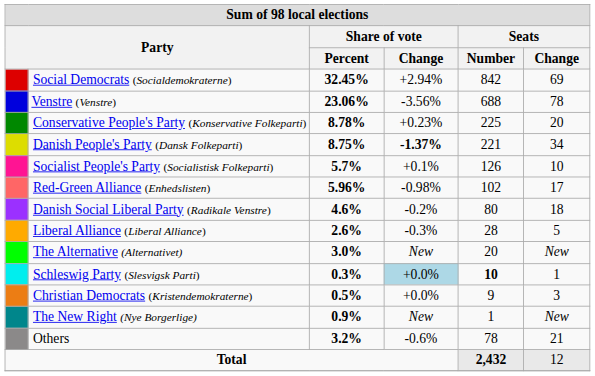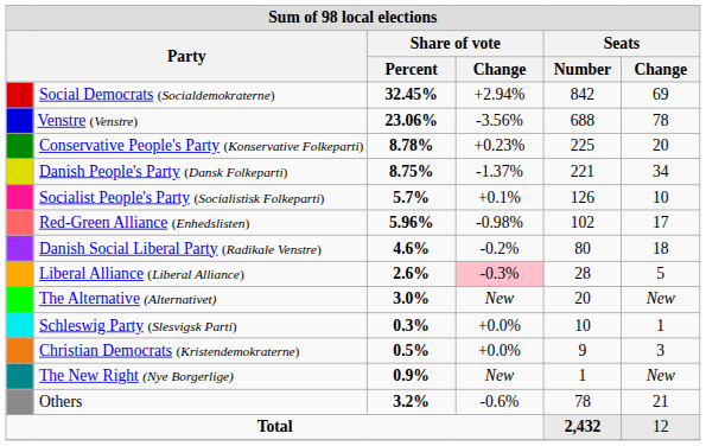 <table class="wikitable" style="margin-left:1em;">
 <tr>
 <th colspan="6" style="background:#dddddd; text-align:center;"><strong>Sum of 98 local elections</strong></th>
 </tr>
 <tr>
 <th rowspan="2" colspan="2">Party</th>
 <th colspan="2">Share of vote</th>
 <th colspan="2">Seats</th>
 </tr>
 <tr>
 <th style="width:80px;">Percent</th>
 <th style="width:80px;">Change</th>
 <th style="width:70px;">Number</th>
 <th style="width:70px;">Change</th>
 </tr>
 <tr>
 <td style="background:#dd0000; text-align:center;"></td>
 <td style="padding-left:5px;"><a href='#'>Social Democrats</a> <small>(<em>Socialdemokraterne</em>)</small></td>
 <td style="text-align:center;"><strong>32.45%</strong></td>
 <td style="text-align:center;">+2.94%</td>
 <td style="text-align:center;">842</td>
 <td style="text-align:center;"> 69</td>
 </tr>
 <tr>
 <td style="width:20px; background:#0000dd; text-align:center;"></td>
 <td style="width:200px padding-left:5px;"><a href='#'>Venstre</a> <small>(<em>Venstre</em>)</small></td>
 <td style="text-align:center;"><strong>23.06%</strong></td>
 <td style="text-align:center;">-3.56%</td>
 <td style="text-align:center;">688</td>
 <td style="text-align:center;"> 78</td>
 </tr>
 <tr>
 <td style="background:#008800; text-align:center;"></td>
 <td style="padding-left:5px;"><a href='#'>Conservative People's Party</a> <small>(<em>Konservative Folkeparti</em>)</small></td>
 <td style="text-align:center;"><strong>8.78%</strong></td>
 <td style="text-align:center;">+0.23%</td>
 <td style="text-align:center;">225</td>
 <td style="text-align:center;"> 20</td>
 </tr>
 <tr>
 <td style="background:#dddd00; text-align:center;"></td>
 <td style="padding-left:5px;"><a href='#'>Danish People's Party</a> <small>(<em>Dansk Folkeparti</em>)</small></td>
 <td style="text-align:center;"><strong>8.75%</strong></td>
-<td style="text-align:center;"><strong>-1.37%</strong></td>
+<td style="text-align:center;">-1.37%</td>
 <td style="text-align:center;">221</td>
 <td style="text-align:center;"> 34</td>
 </tr>
 <tr>
 <td style="background:#FF1493; text-align:center;"></td>
 <td style="padding-left:5px;"><a href='#'>Socialist People's Party</a> <small>(<em>Socialistisk Folkeparti</em>)</small></td>
 <td style="text-align:center;"><strong>5.7%</strong></td>
 <td style="text-align:center;">+0.1%</td>
 <td style="text-align:center;">126</td>
 <td style="text-align:center;"> 10</td>
 </tr>
 <tr>
 <td style="background:#FF6666; text-align:center;"></td>
 <td style="padding-left:5px;"><a href='#'>Red-Green Alliance</a> <small>(<em>Enhedslisten</em>)</small></td>
 <td style="text-align:center;"><strong>5.96%</strong></td>
 <td style="text-align:center;">-0.98%</td>
 <td style="text-align:center;">102</td>
 <td style="text-align:center;"> 17</td>
 </tr>
 <tr>
 <td style="background:#9B30FF; text-align:center;"></td>
 <td style="padding-left:5px;"><a href='#'>Danish Social Liberal Party</a> <small>(<em>Radikale Venstre</em>)</small></td>
 <td style="text-align:center;"><strong>4.6%</strong></td>
 <td style="text-align:center;">-0.2%</td>
 <td style="text-align:center;">80</td>
 <td style="text-align:center;"> 18</td>
 </tr>
 <tr>
 <td style="background:#ffaa00; text-align:center;"></td>
 <td style="padding-left:5px;"><a href='#'>Liberal Alliance</a> <small>(<em>Liberal Alliance</em>)</small></td>
 <td style="text-align:center;"><strong>2.6%</strong></td>
-<td style="text-align:center;">-0.3%</td>
+<td style="background: pink; text-align:center;">-0.3%</td>
 <td style="text-align:center;">28</td>
 <td style="text-align:center;"> 5</td>
 </tr>
 <tr>
 <td style="background:#00ff00; text-align:center;"></td>
 <td style="padding-left:5px;"><a href='#'>The Alternative</a> <small><em>(Alternativet)</em></small></td>
 <td style="text-align:center;"><strong>3.0%</strong></td>
 <td style="text-align:center;"><em>New</em></td>
 <td style="text-align:center;">20</td>
 <td style="text-align:center;"><em>New</em></td>
 </tr>
 <tr>
 <td style="background:#00EEEE; text-align:center;"></td>
 <td style="padding-left:5px;"><a href='#'>Schleswig Party</a> <small>(<em>Slesvigsk Parti</em>)</small></td>
 <td style="text-align:center;"><strong>0.3%</strong></td>
-<td style="background: lightblue; text-align:center;">+0.0%</td>
-<td style="text-align:center;"><strong>10</strong></td>
+<td style="text-align:center;">+0.0%</td>
+<td style="text-align:center;">10</td>
 <td style="text-align:center;"> 1</td>
 </tr>
 <tr>
 <td style="background:#EC7D14; text-align:center;"></td>
 <td style="padding-left:5px;"><a href='#'>Christian Democrats</a> <small>(<em>Kristendemokraterne</em>)</small></td>
 <td style="text-align:center;"><strong>0.5%</strong></td>
 <td style="text-align:center;">+0.0%</td>
 <td style="text-align:center;">9</td>
 <td style="text-align:center;"> 3</td>
 </tr>
 <tr>
 <td style="background:#00868B; text-align:center;"></td>
 <td style="padding-left:5px;"><a href='#'>The New Right</a> <small><em>(Nye Borgerlige)</em></small></td>
 <td style="text-align:center;"><strong>0.9%</strong></td>
 <td style="text-align:center;"><em>New</em></td>
 <td style="text-align:center;">1</td>
 <td style="text-align:center;"><em>New</em></td>
 </tr>
 <tr>
 <td style="background:#8B8989;"></td>
 <td style="padding-left:5px;">Others</td>
 <td style="text-align:center;"><strong>3.2%</strong></td>
 <td style="text-align:center;">-0.6%</td>
 <td style="text-align:center;">78</td>
 <td style="text-align:center;"> 21</td>
 </tr>
 <tr>
 <td style="text-align:center;" style="background-color:#E9E9E9" colspan="4"><strong>Total</strong></td>
 <td style="text-align:center; background-color:#E9E9E9"><strong>2,432</strong></td>
 <td style="text-align:center; background-color:#E9E9E9"> 12</td>
 </tr>
 <tr>
 </tr>
 </table>
